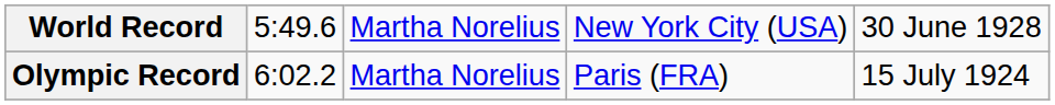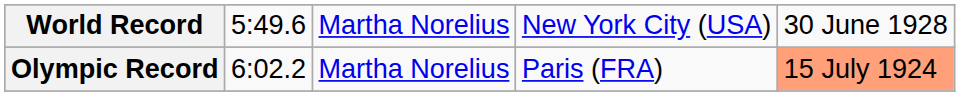 <table class="wikitable">
 <tr>
 <th>World Record</th>
 <td>5:49.6</td>
 <td> <a href='#'>Martha Norelius</a></td>
 <td><a href='#'>New York City</a> (<a href='#'>USA</a>)</td>
 <td>30 June 1928</td>
 </tr>
 <tr>
 <th>Olympic Record</th>
 <td>6:02.2</td>
 <td> <a href='#'>Martha Norelius</a></td>
 <td><a href='#'>Paris</a> (<a href='#'>FRA</a>)</td>
-<td>15 July 1924</td>
+<td style="background: lightsalmon;">15 July 1924</td>
 </tr>
 </table>
